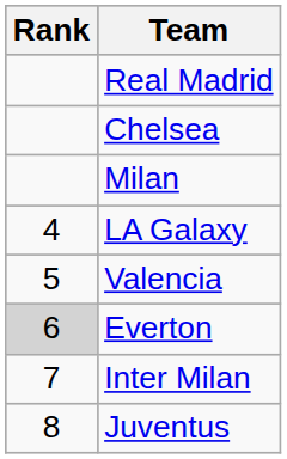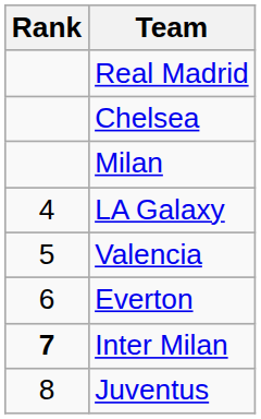 <table class="wikitable" style="text-align:center">
 <tr>
 <th>Rank</th>
 <th>Team</th>
 </tr>
 <tr>
 <td></td>
 <td align=left> <a href='#'>Real Madrid</a></td>
 </tr>
 <tr>
 <td></td>
 <td align=left> <a href='#'>Chelsea</a></td>
 </tr>
 <tr>
 <td></td>
 <td align=left> <a href='#'>Milan</a></td>
 </tr>
 <tr>
 <td>4</td>
 <td align=left> <a href='#'>LA Galaxy</a></td>
 </tr>
 <tr>
 <td>5</td>
 <td align=left> <a href='#'>Valencia</a></td>
 </tr>
 <tr>
-<td style="background: lightgrey;">6</td>
+<td>6</td>
 <td align=left> <a href='#'>Everton</a></td>
 </tr>
 <tr>
-<td>7</td>
+<td><strong>7</strong></td>
 <td align=left> <a href='#'>Inter Milan</a></td>
 </tr>
 <tr>
 <td>8</td>
 <td align=left> <a href='#'>Juventus</a></td>
 </tr>
 </table>
